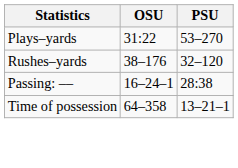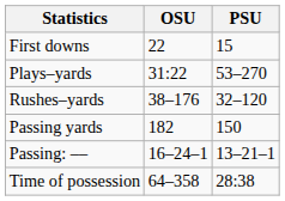 <table class="wikitable" style="float:left">
 <tr>
 <th>Statistics</th>
 <th>OSU</th>
 <th>PSU</th>
+</tr>
+<tr>
+<td>First downs</td>
+<td>22</td>
+<td>15</td>
 </tr>
 <tr>
 <td>Plays–yards</td>
 <td>31:22</td>
 <td>53–270</td>
 </tr>
 <tr>
 <td>Rushes–yards</td>
 <td>38–176</td>
 <td>32–120</td>
 </tr>
 <tr>
+<td>Passing yards</td>
+<td>182</td>
+<td>150</td>
+</tr>
+<tr>
 <td>Passing: ––</td>
 <td>16–24–1</td>
-<td>28:38</td>
+<td>13–21–1</td>
 </tr>
 <tr>
 <td>Time of possession</td>
 <td>64–358</td>
-<td>13–21–1</td>
+<td>28:38</td>
 </tr>
 </table>
